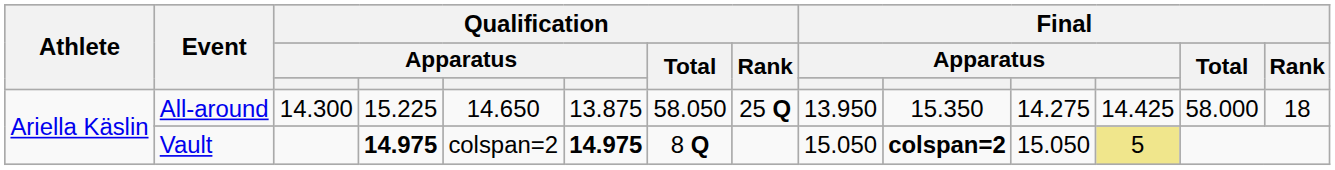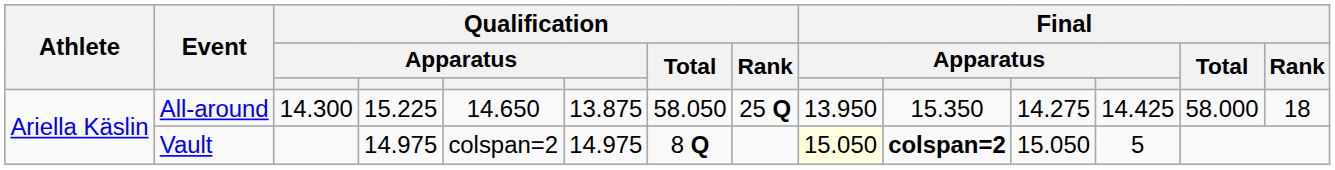 <table class="wikitable" style="font-size:90%">
 <tr>
 <th rowspan="3">Athlete</th>
 <th rowspan="3">Event</th>
 <th colspan=6>Qualification</th>
 <th colspan=6>Final</th>
 </tr>
 <tr style="font-size:95%">
 <th colspan=4>Apparatus</th>
 <th rowspan=2>Total</th>
 <th rowspan=2>Rank</th>
 <th colspan=4>Apparatus</th>
 <th rowspan=2>Total</th>
 <th rowspan=2>Rank</th>
 </tr>
 <tr style="font-size:95%">
 <th></th>
 <th></th>
 <th></th>
 <th></th>
 <th></th>
 <th></th>
 <th></th>
 <th></th>
 </tr>
 <tr align=center>
 <td align=left rowspan=2><a href='#'>Ariella Käslin</a></td>
 <td align=left><a href='#'>All-around</a></td>
 <td>14.300</td>
 <td>15.225</td>
 <td>14.650</td>
 <td>13.875</td>
 <td>58.050</td>
 <td>25 <strong>Q</strong></td>
 <td>13.950</td>
 <td>15.350</td>
 <td>14.275</td>
 <td>14.425</td>
 <td>58.000</td>
 <td>18</td>
 </tr>
 <tr align=center>
 <td align=left><a href='#'>Vault</a></td>
 <td></td>
-<td><strong>14.975</strong></td>
+<td>14.975</td>
 <td>colspan=2 </td>
-<td><strong>14.975</strong></td>
+<td>14.975</td>
 <td>8 <strong>Q</strong></td>
 <td></td>
-<td>15.050</td>
+<td style="background: lightyellow;">15.050</td>
 <td><strong>colspan=2 </strong></td>
 <td>15.050</td>
-<td style="background: khaki;">5</td>
+<td>5</td>
 </tr>
 </table>
